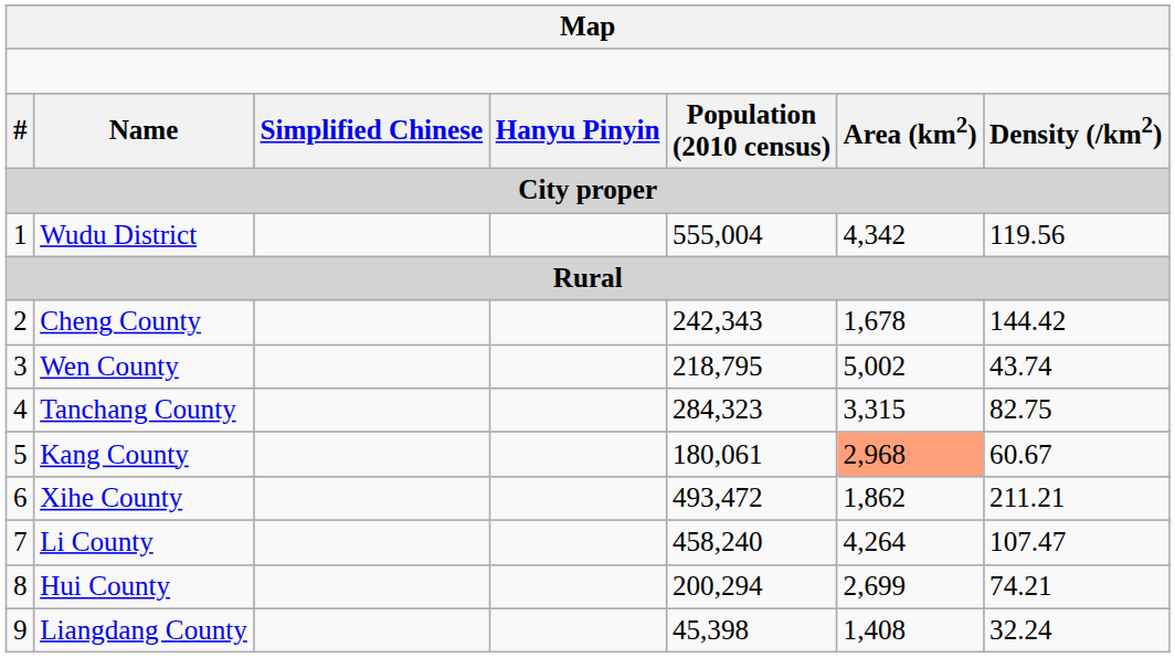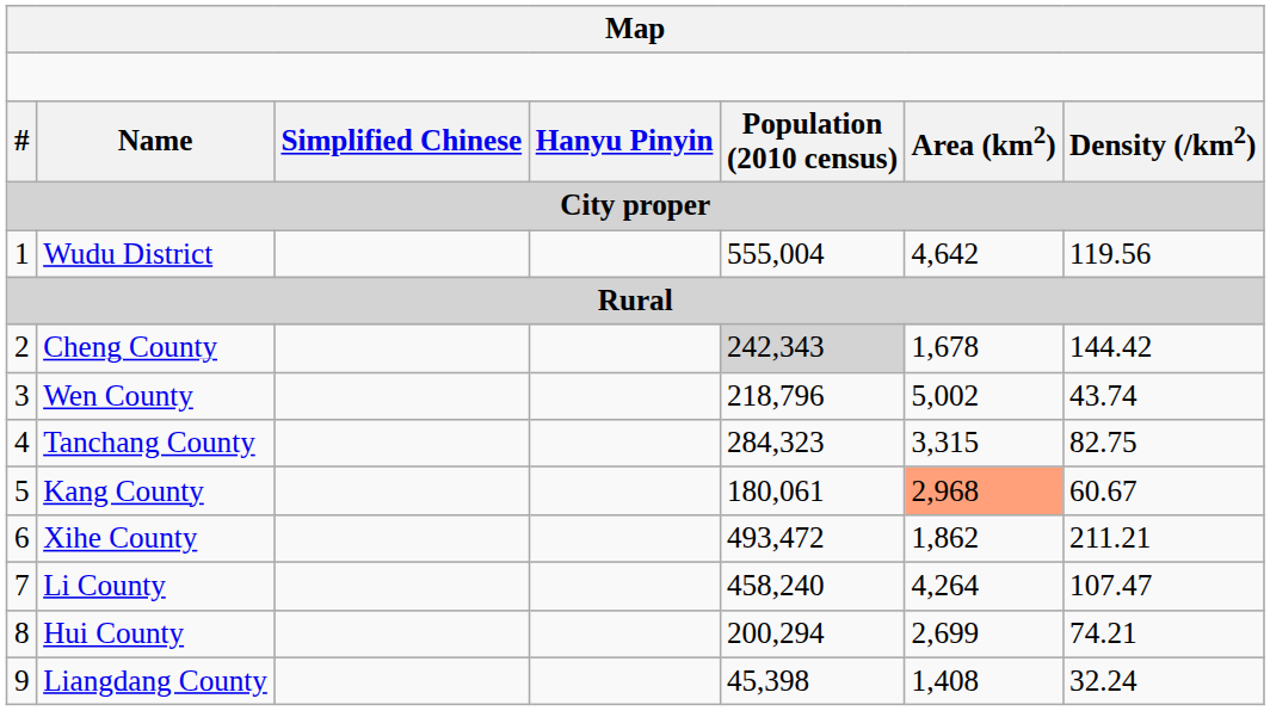 <table class="wikitable"   style="font-size:100%; margin:auto;">
 <tr>
 <th colspan="7" align="center">Map</th>
 </tr>
 <tr>
 <td colspan="7" align="center"><div><br>            </div></td>
 </tr>
 <tr>
 <th>#</th>
 <th>Name</th>
 <th><a href='#'>Simplified Chinese</a></th>
 <th><a href='#'>Hanyu Pinyin</a></th>
 <th>Population<br>(2010 census)</th>
 <th>Area (km<sup>2</sup>)</th>
 <th>Density (/km<sup>2</sup>)</th>
 </tr>
 <tr --------->
 <td colspan="7" align="center" bgcolor="#D3D3D3"><strong>City proper</strong></td>
 </tr>
 <tr --------->
 <td>1</td>
 <td><a href='#'>Wudu District</a></td>
 <td></td>
 <td></td>
 <td>555,004</td>
-<td>4,342</td>
+<td>4,642</td>
 <td>119.56</td>
 </tr>
 <tr --------->
 <td colspan="7" align="center" bgcolor="#D3D3D3"><strong>Rural</strong></td>
 </tr>
 <tr --------->
 <td>2</td>
 <td><a href='#'>Cheng County</a></td>
 <td></td>
 <td></td>
-<td>242,343</td>
+<td style="background: lightgrey;">242,343</td>
 <td>1,678</td>
 <td>144.42</td>
 </tr>
 <tr --------->
 <td>3</td>
 <td><a href='#'>Wen County</a></td>
 <td></td>
 <td></td>
-<td>218,795</td>
+<td>218,796</td>
 <td>5,002</td>
 <td>43.74</td>
 </tr>
 <tr --------->
 <td>4</td>
 <td><a href='#'>Tanchang County</a></td>
 <td></td>
 <td></td>
 <td>284,323</td>
 <td>3,315</td>
 <td>82.75</td>
 </tr>
 <tr --------->
 <td>5</td>
 <td><a href='#'>Kang County</a></td>
 <td></td>
 <td></td>
 <td>180,061</td>
 <td style="background: lightsalmon;">2,968</td>
 <td>60.67</td>
 </tr>
 <tr --------->
 <td>6</td>
 <td><a href='#'>Xihe County</a></td>
 <td></td>
 <td></td>
 <td>493,472</td>
 <td>1,862</td>
 <td>211.21</td>
 </tr>
 <tr --------->
 <td>7</td>
 <td><a href='#'>Li County</a></td>
 <td></td>
 <td></td>
 <td>458,240</td>
 <td>4,264</td>
 <td>107.47</td>
 </tr>
 <tr --------->
 <td>8</td>
 <td><a href='#'>Hui County</a></td>
 <td></td>
 <td></td>
 <td>200,294</td>
 <td>2,699</td>
 <td>74.21</td>
 </tr>
 <tr --------->
 <td>9</td>
 <td><a href='#'>Liangdang County</a></td>
 <td></td>
 <td></td>
 <td>45,398</td>
 <td>1,408</td>
 <td>32.24</td>
 </tr>
 </table>
